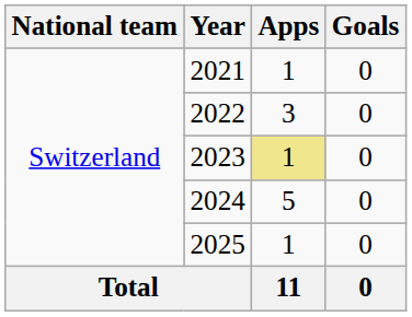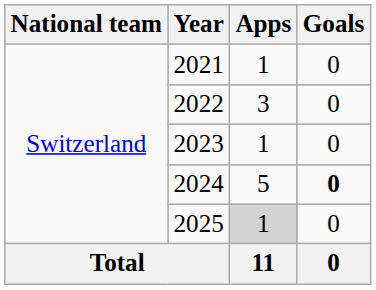 <table class="wikitable" style="text-align:center">
 <tr>
 <th>National team</th>
 <th>Year</th>
 <th>Apps</th>
 <th>Goals</th>
 </tr>
 <tr>
 <td rowspan="5"><a href='#'>Switzerland</a></td>
 <td>2021</td>
 <td>1</td>
 <td>0</td>
 </tr>
 <tr>
 <td>2022</td>
 <td>3</td>
 <td>0</td>
 </tr>
 <tr>
 <td>2023</td>
-<td style="background: khaki;">1</td>
+<td>1</td>
 <td>0</td>
 </tr>
 <tr>
 <td>2024</td>
 <td>5</td>
-<td>0</td>
+<td><strong>0</strong></td>
 </tr>
 <tr>
 <td>2025</td>
-<td>1</td>
+<td style="background: lightgrey;">1</td>
 <td>0</td>
 </tr>
 <tr>
 <th colspan="2">Total</th>
 <th>11</th>
 <th>0</th>
 </tr>
 </table>
